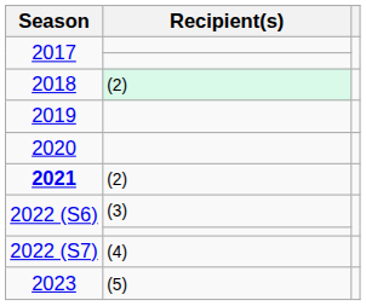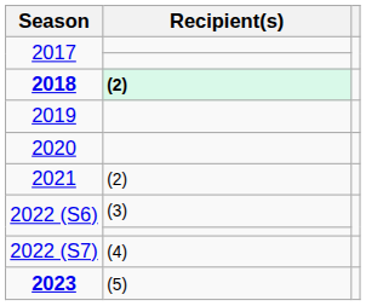 <table class="wikitable sortable" style=text-align:center>
 <tr>
 <th>Season</th>
 <th style=width:12em>Recipient(s)</th>
 <th class=unsortable></th>
 </tr>
 <tr>
 <td rowspan=2><a href='#'>2017</a></td>
 <td align=left><strong></strong></td>
 <td rowspan=2></td>
 </tr>
 <tr>
 <td align=left></td>
 </tr>
 <tr>
-<td><a href='#'>2018</a></td>
-<td align=left bgcolor=D9F9E9> <small>(2)</small></td>
+<td><strong><a href='#'>2018</a></strong></td>
+<td align=left bgcolor=D9F9E9><strong> <small>(2)</small></strong></td>
 <td></td>
 </tr>
 <tr>
 <td><a href='#'>2019</a></td>
 <td align=left></td>
 <td></td>
 </tr>
 <tr>
 <td><a href='#'>2020</a></td>
 <td align=left></td>
 <td></td>
 </tr>
 <tr>
-<td><strong><a href='#'>2021</a></strong></td>
+<td><a href='#'>2021</a></td>
 <td align=left><strong></strong> <small>(2)</small></td>
 <td></td>
 </tr>
 <tr>
 <td rowspan=2><a href='#'>2022 (S6)</a></td>
 <td align=left><strong></strong> <small>(3)</small></td>
 <td rowspan=2></td>
 </tr>
 <tr>
 <td align=left></td>
 </tr>
 <tr>
 <td><a href='#'>2022 (S7)</a></td>
 <td align=left><strong></strong> <small>(4)</small></td>
 <td></td>
 </tr>
 <tr>
-<td><a href='#'>2023</a></td>
+<td><strong><a href='#'>2023</a></strong></td>
 <td align=left><strong></strong> <small>(5)</small></td>
 <td></td>
 </tr>
 </table>
